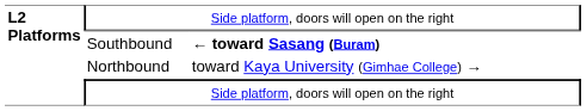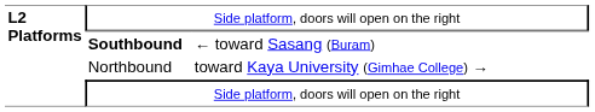 <table table border=0 cellspacing=0 cellpadding=3>
 <tr>
 <td style="border-top:solid 1px gray;border-bottom:solid 1px gray;" width=50 rowspan=10 valign=top><strong>L2<br>Platforms</strong></td>
 <td style="border-top:solid 1px gray;border-right:solid 2px black;border-left:solid 2px black;border-bottom:solid 1px black;text-align:center;" colspan=2><small><a href='#'>Side platform</a>, doors will open on the right</small></td>
 </tr>
 <tr>
-<td style="border-bottom:solid 0px gray;border-top:solid 1px gray;" width=100>Southbound</td>
-<td style="border-bottom:solid 0px gray;border-top:solid 1px gray;" width=390><strong>←  toward <a href='#'>Sasang</a> <small>(<a href='#'>Buram</a>)</small></strong></td>
+<td style="border-bottom:solid 0px gray;border-top:solid 1px gray;" width=100><strong>Southbound</strong></td>
+<td style="border-bottom:solid 0px gray;border-top:solid 1px gray;" width=390>←  toward <a href='#'>Sasang</a> <small>(<a href='#'>Buram</a>)</small></td>
 </tr>
 <tr>
 <td>Northbound</td>
 <td>  toward <a href='#'>Kaya University</a> <small>(<a href='#'>Gimhae College</a>)</small> →</td>
 </tr>
 <tr>
 <td style="border-top:solid 2px black;border-right:solid 2px black;border-left:solid 2px black;border-bottom:solid 1px gray;text-align:center;" colspan=2><small><a href='#'>Side platform</a>, doors will open on the right</small></td>
 </tr>
 </table>
